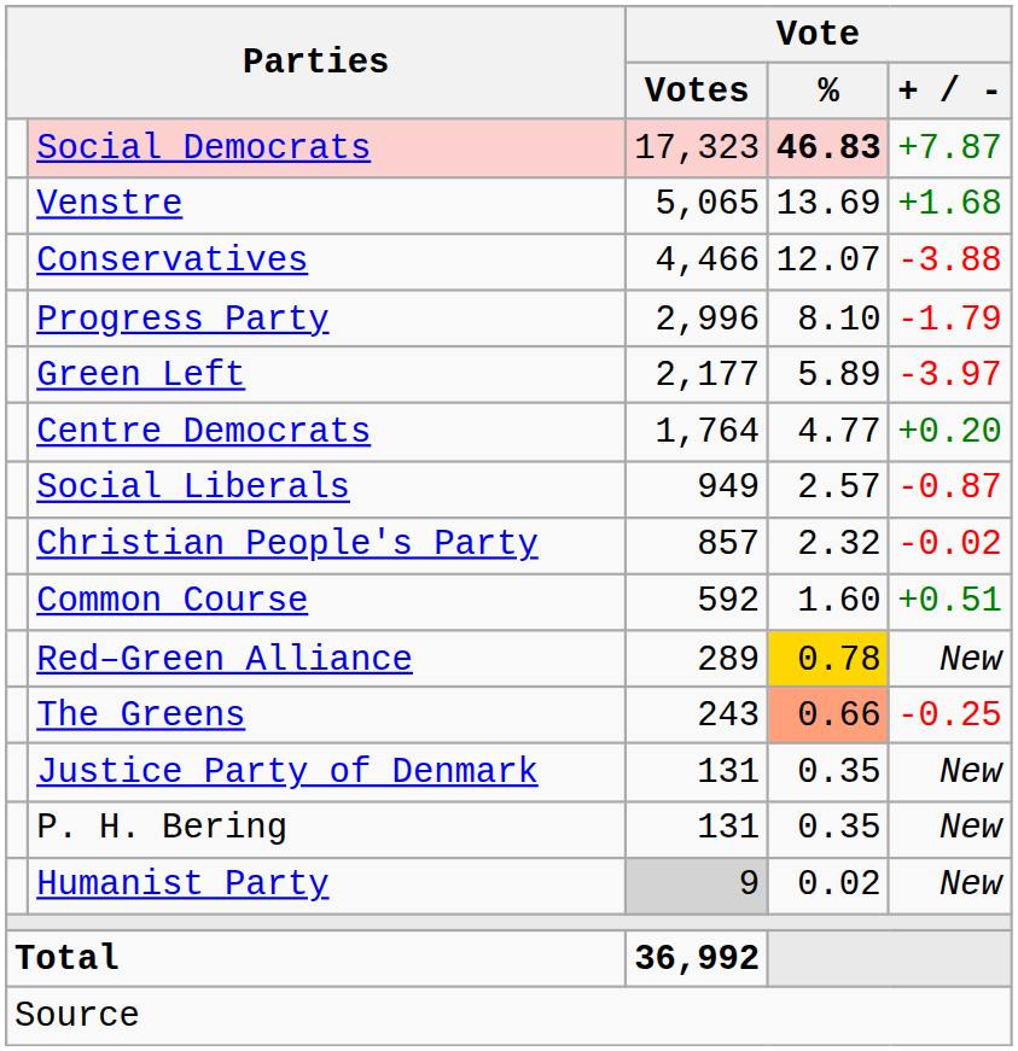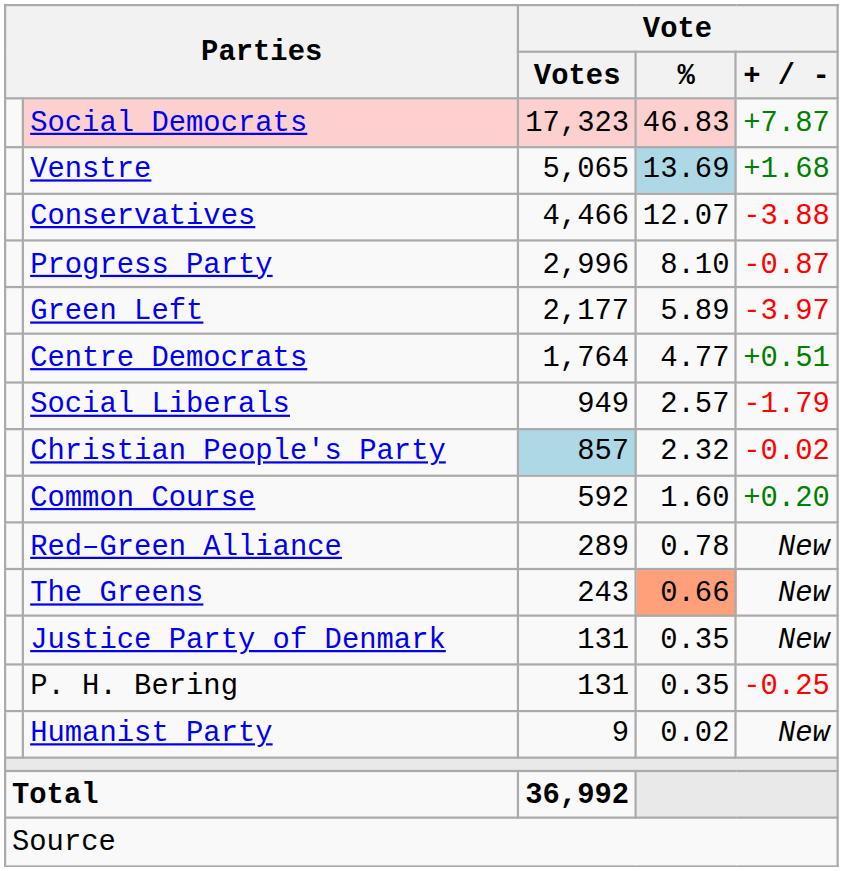 <table class="wikitable" style="text-align:right;">
 <tr>
 <th style="text-align:centre;" rowspan="2" colspan="2" width="225">Parties</th>
 <th colspan="3">Vote</th>
 </tr>
 <tr>
 <th width="15">Votes</th>
 <th width="15">%</th>
 <th width="15">+ / -</th>
 </tr>
 <tr>
 <td width="2" style="color:inherit;background:"></td>
 <td bgcolor=#fbd0ce  align="left"><a href='#'>Social Democrats</a></td>
 <td bgcolor=#fbd0ce>17,323</td>
-<td bgcolor=#fbd0ce><strong>46.83</strong></td>
+<td bgcolor=#fbd0ce>46.83</td>
 <td style=color:green;>+7.87</td>
 </tr>
 <tr>
 <td width="2" style="color:inherit;background:"></td>
 <td align="left"><a href='#'>Venstre</a></td>
 <td>5,065</td>
-<td>13.69</td>
+<td style="background: lightblue;">13.69</td>
 <td style=color:green;>+1.68</td>
 </tr>
 <tr>
 <td width="2" style="color:inherit;background:"></td>
 <td align="left"><a href='#'>Conservatives</a></td>
 <td>4,466</td>
 <td>12.07</td>
 <td style=color:red;>-3.88</td>
 </tr>
 <tr>
 <td width="2" style="color:inherit;background:"></td>
 <td align="left"><a href='#'>Progress Party</a></td>
 <td>2,996</td>
 <td>8.10</td>
-<td style=color:red;>-1.79</td>
+<td style=color:red;>-0.87</td>
 </tr>
 <tr>
 <td width="2" style="color:inherit;background:"></td>
 <td align="left"><a href='#'>Green Left</a></td>
 <td>2,177</td>
 <td>5.89</td>
 <td style=color:red;>-3.97</td>
 </tr>
 <tr>
 <td width="2" style="color:inherit;background:"></td>
 <td align="left"><a href='#'>Centre Democrats</a></td>
 <td>1,764</td>
 <td>4.77</td>
-<td style=color:green;>+0.20</td>
+<td style=color:green;>+0.51</td>
 </tr>
 <tr>
 <td width="2" style="color:inherit;background:"></td>
 <td align="left"><a href='#'>Social Liberals</a></td>
 <td>949</td>
 <td>2.57</td>
-<td style=color:red;>-0.87</td>
+<td style=color:red;>-1.79</td>
 </tr>
 <tr>
 <td width="2" style="color:inherit;background:"></td>
 <td align="left"><a href='#'>Christian People's Party</a></td>
-<td>857</td>
+<td style="background: lightblue;">857</td>
 <td>2.32</td>
 <td style=color:red;>-0.02</td>
 </tr>
 <tr>
 <td width="2" style="color:inherit;background:"></td>
 <td align="left"><a href='#'>Common Course</a></td>
 <td>592</td>
 <td>1.60</td>
-<td style=color:green;>+0.51</td>
+<td style=color:green;>+0.20</td>
 </tr>
 <tr>
 <td width="2" style="color:inherit;background:"></td>
 <td align="left"><a href='#'>Red–Green Alliance</a></td>
 <td>289</td>
-<td style="background: gold;">0.78</td>
+<td>0.78</td>
 <td><em>New</em></td>
 </tr>
 <tr>
 <td width="2" style="color:inherit;background:"></td>
 <td align="left"><a href='#'>The Greens</a></td>
 <td>243</td>
 <td style="background: lightsalmon;">0.66</td>
-<td style=color:red;>-0.25</td>
+<td><em>New</em></td>
 </tr>
 <tr>
 <td width="2" style="color:inherit;background:"></td>
 <td align="left"><a href='#'>Justice Party of Denmark</a></td>
 <td>131</td>
 <td>0.35</td>
 <td><em>New</em></td>
 </tr>
 <tr>
 <td width="2" style="color:inherit;background:"></td>
 <td align="left">P. H. Bering</td>
 <td>131</td>
 <td>0.35</td>
-<td><em>New</em></td>
+<td style=color:red;>-0.25</td>
 </tr>
 <tr>
 <td width="2" style="color:inherit;background:"></td>
 <td align="left"><a href='#'>Humanist Party</a></td>
-<td style="background: lightgrey;">9</td>
+<td>9</td>
 <td>0.02</td>
 <td><em>New</em></td>
 </tr>
 <tr>
 <td colspan="7" bgcolor="#E9E9E9"></td>
 </tr>
 <tr>
 <td align="left" colspan="2"><strong>Total</strong></td>
 <td><strong>36,992</strong></td>
 <td bgcolor="#E9E9E9" colspan="2"></td>
 </tr>
 <tr>
 <td align="left" colspan="6">Source</td>
 </tr>
 </table>
